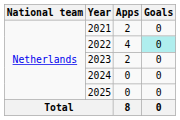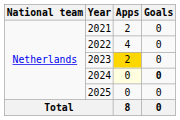 <table class="wikitable" style="text-align:center">
 <tr>
 <th>National team</th>
 <th>Year</th>
 <th>Apps</th>
 <th>Goals</th>
 </tr>
 <tr>
 <td rowspan="5"><a href='#'>Netherlands</a></td>
 <td>2021</td>
 <td>2</td>
 <td>0</td>
 </tr>
 <tr>
 <td>2022</td>
 <td>4</td>
-<td style="background: paleturquoise;">0</td>
+<td>0</td>
 </tr>
 <tr>
 <td>2023</td>
-<td>2</td>
+<td style="background: gold;">2</td>
 <td>0</td>
 </tr>
 <tr>
 <td>2024</td>
-<td>0</td>
-<td>0</td>
+<td style="background: lightyellow;">0</td>
+<td><strong>0</strong></td>
 </tr>
 <tr>
 <td>2025</td>
 <td>0</td>
 <td>0</td>
 </tr>
 <tr>
 <th colspan="2">Total</th>
 <th>8</th>
 <th>0</th>
 </tr>
 </table>
